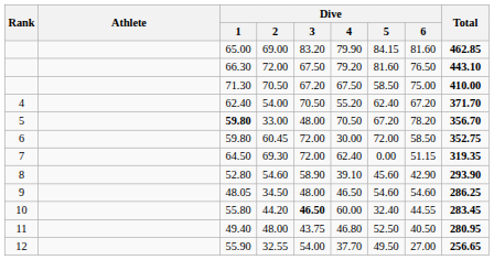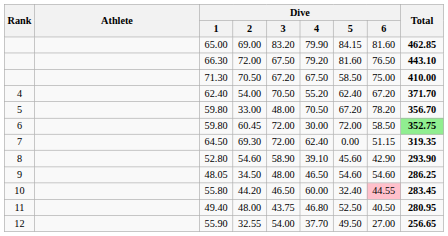 <table class=wikitable style="text-align:center">
 <tr>
 <th rowspan="2" width=40>Rank</th>
 <th rowspan="2" width=250>Athlete</th>
 <th colspan="6">Dive</th>
 <th rowspan="2" width=60>Total</th>
 </tr>
 <tr>
 <th width=45>1</th>
 <th width=45>2</th>
 <th width=45>3</th>
 <th width=45>4</th>
 <th width=45>5</th>
 <th width=45>6</th>
 </tr>
 <tr>
 <td></td>
 <td align=left></td>
 <td>65.00</td>
 <td>69.00</td>
 <td>83.20</td>
 <td>79.90</td>
 <td>84.15</td>
 <td>81.60</td>
 <td><strong>462.85</strong></td>
 </tr>
 <tr>
 <td></td>
 <td align=left></td>
 <td>66.30</td>
 <td>72.00</td>
 <td>67.50</td>
 <td>79.20</td>
 <td>81.60</td>
 <td>76.50</td>
 <td><strong>443.10</strong></td>
 </tr>
 <tr>
 <td></td>
 <td align=left></td>
 <td>71.30</td>
 <td>70.50</td>
 <td>67.20</td>
 <td>67.50</td>
 <td>58.50</td>
 <td>75.00</td>
 <td><strong>410.00</strong></td>
 </tr>
 <tr>
 <td>4</td>
 <td align=left></td>
 <td>62.40</td>
 <td>54.00</td>
 <td>70.50</td>
 <td>55.20</td>
 <td>62.40</td>
 <td>67.20</td>
 <td><strong>371.70</strong></td>
 </tr>
 <tr>
 <td>5</td>
 <td align=left></td>
-<td><strong>59.80</strong></td>
+<td>59.80</td>
 <td>33.00</td>
 <td>48.00</td>
 <td>70.50</td>
 <td>67.20</td>
 <td>78.20</td>
 <td><strong>356.70</strong></td>
 </tr>
 <tr>
 <td>6</td>
 <td align=left></td>
 <td>59.80</td>
 <td>60.45</td>
 <td>72.00</td>
 <td>30.00</td>
 <td>72.00</td>
 <td>58.50</td>
-<td><strong>352.75</strong></td>
+<td style="background: lightgreen;"><strong>352.75</strong></td>
 </tr>
 <tr>
 <td>7</td>
 <td align=left></td>
 <td>64.50</td>
 <td>69.30</td>
 <td>72.00</td>
 <td>62.40</td>
 <td>0.00</td>
 <td>51.15</td>
 <td><strong>319.35</strong></td>
 </tr>
 <tr>
 <td>8</td>
 <td align=left></td>
 <td>52.80</td>
 <td>54.60</td>
 <td>58.90</td>
 <td>39.10</td>
 <td>45.60</td>
 <td>42.90</td>
 <td><strong>293.90</strong></td>
 </tr>
 <tr>
 <td>9</td>
 <td align=left></td>
 <td>48.05</td>
 <td>34.50</td>
 <td>48.00</td>
 <td>46.50</td>
 <td>54.60</td>
 <td>54.60</td>
 <td><strong>286.25</strong></td>
 </tr>
 <tr>
 <td>10</td>
 <td align=left></td>
 <td>55.80</td>
 <td>44.20</td>
-<td><strong>46.50</strong></td>
+<td>46.50</td>
 <td>60.00</td>
 <td>32.40</td>
-<td>44.55</td>
+<td style="background: pink;">44.55</td>
 <td><strong>283.45</strong></td>
 </tr>
 <tr>
 <td>11</td>
 <td align=left></td>
 <td>49.40</td>
 <td>48.00</td>
 <td>43.75</td>
 <td>46.80</td>
 <td>52.50</td>
 <td>40.50</td>
 <td><strong>280.95</strong></td>
 </tr>
 <tr>
 <td>12</td>
 <td align=left></td>
 <td>55.90</td>
 <td>32.55</td>
 <td>54.00</td>
 <td>37.70</td>
 <td>49.50</td>
 <td>27.00</td>
 <td><strong>256.65</strong></td>
 </tr>
 </table>
